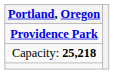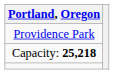 <table class="wikitable" style="text-align:center; margin-left:auto; margin-right:auto; border:none;">
 <tr>
 <th><a href='#'>Portland</a>, <a href='#'>Oregon</a></th>
 <th rowspan="4"></th>
 </tr>
 <tr>
-<td><strong><a href='#'>Providence Park</a></strong></td>
+<td><a href='#'>Providence Park</a></td>
 </tr>
 <tr>
 <td>Capacity: <strong>25,218</strong></td>
 </tr>
 <tr>
 <td></td>
 </tr>
 </table>
